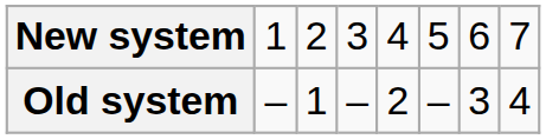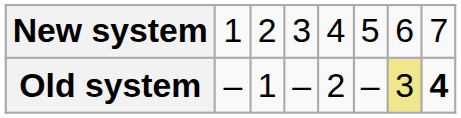 <table class="wikitable" style="margin: 1em auto 1em auto;">
 <tr>
 <th scope="row">New system</th>
 <td>1</td>
 <td>2</td>
 <td>3</td>
 <td>4</td>
 <td>5</td>
 <td>6</td>
 <td>7</td>
 </tr>
 <tr>
 <th scope="row">Old system</th>
 <td>–</td>
 <td>1</td>
 <td>–</td>
 <td>2</td>
 <td>–</td>
-<td>3</td>
-<td>4</td>
+<td style="background: khaki;">3</td>
+<td><strong>4</strong></td>
 </tr>
 </table>
